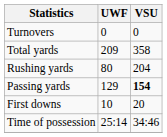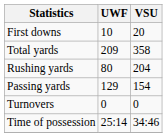 <table class="wikitable">
 <tr>
 <th>Statistics</th>
 <th>UWF</th>
 <th>VSU</th>
 </tr>
 <tr>
-<td>Turnovers</td>
-<td>0</td>
-<td>0</td>
+<td>First downs</td>
+<td>10</td>
+<td>20</td>
 </tr>
 <tr>
 <td>Total yards</td>
 <td>209</td>
 <td>358</td>
 </tr>
 <tr>
 <td>Rushing yards</td>
 <td>80</td>
 <td>204</td>
 </tr>
 <tr>
 <td>Passing yards</td>
 <td>129</td>
-<td><strong>154</strong></td>
+<td>154</td>
 </tr>
 <tr>
-<td>First downs</td>
-<td>10</td>
-<td>20</td>
+<td>Turnovers</td>
+<td>0</td>
+<td>0</td>
 </tr>
 <tr>
 <td>Time of possession</td>
 <td>25:14</td>
 <td>34:46</td>
 </tr>
 <tr>
 </tr>
 </table>
